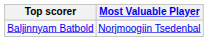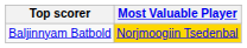 <table class="wikitable" style="margin: 0 auto;">
 <tr>
 <th>Top scorer</th>
 <th><a href='#'>Most Valuable Player</a></th>
 </tr>
 <tr>
 <td align = center> <a href='#'>Baljinnyam Batbold</a></td>
-<td align = center> <a href='#'>Norjmoogiin Tsedenbal</a></td>
+<td align = center style="background: gold;"> <a href='#'>Norjmoogiin Tsedenbal</a></td>
 </tr>
 </table>
